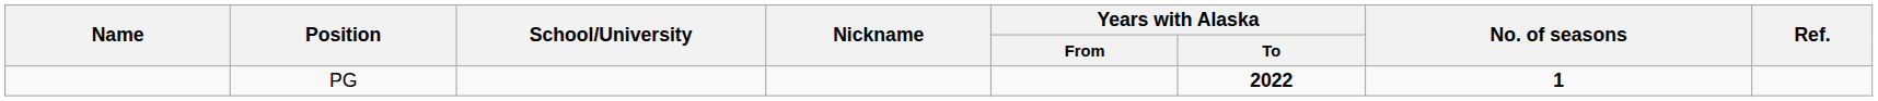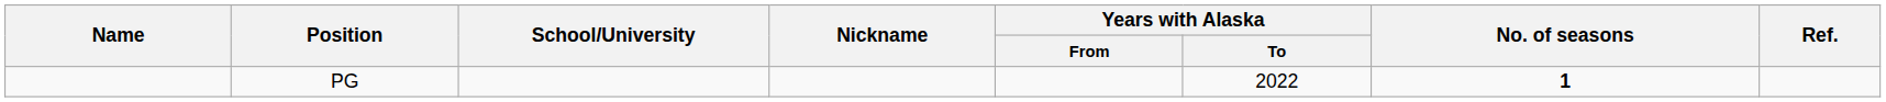 <table class="wikitable sortable" style="text-align:center" width="98%">
 <tr>
 <th style="width:180px;" rowspan="2">Name</th>
 <th rowspan="2">Position</th>
 <th style="width:250px;" rowspan="2">School/University</th>
 <th style="width:180px;" rowspan="2">Nickname</th>
 <th style="width:180px; text-align:center;" colspan="2">Years with Alaska</th>
 <th rowspan="2">No. of seasons</th>
 <th rowspan="2"; class=unsortable>Ref.</th>
 </tr>
 <tr>
 <th style="width:10%; text-align:center;"><small>From</small></th>
 <th style="width:10%; text-align:center;"><small>To</small></th>
 </tr>
 <tr>
 <td></td>
 <td>PG</td>
 <td></td>
 <td></td>
 <td></td>
-<td><strong>2022</strong></td>
+<td>2022</td>
 <td><strong>1</strong></td>
 <td></td>
 </tr>
 </table>
